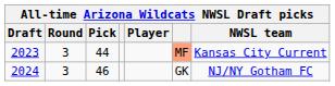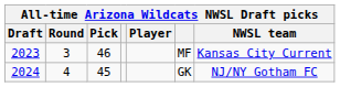 <table class="wikitable sortable" style="text-align: center;">
 <tr>
 <th colspan="7" style="background:#">All-time <a href='#'><span>Arizona Wildcats</span></a> NWSL Draft picks</th>
 </tr>
 <tr>
 <th scope="col">Draft</th>
 <th scope="col">Round</th>
 <th scope="col">Pick</th>
 <th scope="col"></th>
 <th scope="col">Player</th>
 <th scope="col"></th>
 <th scope="col">NWSL team</th>
 </tr>
 <tr>
 <td><a href='#'>2023</a></td>
 <td>3</td>
-<td>44</td>
+<td>46</td>
 <td></td>
 <td></td>
-<td style="background: lightsalmon;">MF</td>
+<td>MF</td>
 <td><a href='#'>Kansas City Current</a></td>
 </tr>
 <tr>
 <td><a href='#'>2024</a></td>
-<td>3</td>
-<td>46</td>
+<td>4</td>
+<td>45</td>
 <td></td>
 <td></td>
 <td>GK</td>
 <td><a href='#'>NJ/NY Gotham FC</a></td>
 </tr>
 </table>
